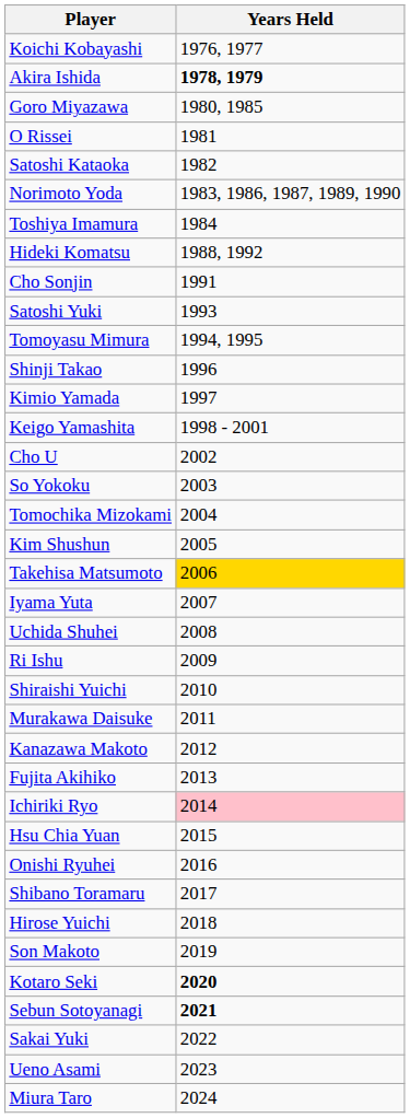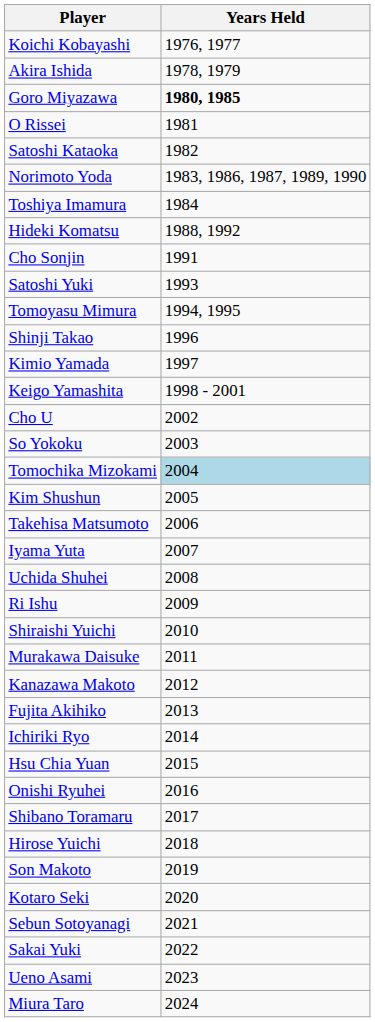 <table class="wikitable">
 <tr>
 <th>Player</th>
 <th>Years Held</th>
 </tr>
 <tr>
 <td><a href='#'>Koichi Kobayashi</a></td>
 <td>1976, 1977</td>
 </tr>
 <tr>
 <td><a href='#'>Akira Ishida</a></td>
-<td><strong>1978, 1979</strong></td>
+<td>1978, 1979</td>
 </tr>
 <tr>
 <td><a href='#'>Goro Miyazawa</a></td>
-<td>1980, 1985</td>
+<td><strong>1980, 1985</strong></td>
 </tr>
 <tr>
 <td><a href='#'>O Rissei</a></td>
 <td>1981</td>
 </tr>
 <tr>
 <td><a href='#'>Satoshi Kataoka</a></td>
 <td>1982</td>
 </tr>
 <tr>
 <td><a href='#'>Norimoto Yoda</a></td>
 <td>1983, 1986, 1987, 1989, 1990</td>
 </tr>
 <tr>
 <td><a href='#'>Toshiya Imamura</a></td>
 <td>1984</td>
 </tr>
 <tr>
 <td><a href='#'>Hideki Komatsu</a></td>
 <td>1988, 1992</td>
 </tr>
 <tr>
 <td><a href='#'>Cho Sonjin</a></td>
 <td>1991</td>
 </tr>
 <tr>
 <td><a href='#'>Satoshi Yuki</a></td>
 <td>1993</td>
 </tr>
 <tr>
 <td><a href='#'>Tomoyasu Mimura</a></td>
 <td>1994, 1995</td>
 </tr>
 <tr>
 <td><a href='#'>Shinji Takao</a></td>
 <td>1996</td>
 </tr>
 <tr>
 <td><a href='#'>Kimio Yamada</a></td>
 <td>1997</td>
 </tr>
 <tr>
 <td><a href='#'>Keigo Yamashita</a></td>
 <td>1998 - 2001</td>
 </tr>
 <tr>
 <td><a href='#'>Cho U</a></td>
 <td>2002</td>
 </tr>
 <tr>
 <td><a href='#'>So Yokoku</a></td>
 <td>2003</td>
 </tr>
 <tr>
 <td><a href='#'>Tomochika Mizokami</a></td>
-<td>2004</td>
+<td style="background: lightblue;">2004</td>
 </tr>
 <tr>
 <td><a href='#'>Kim Shushun</a></td>
 <td>2005</td>
 </tr>
 <tr>
 <td><a href='#'>Takehisa Matsumoto</a></td>
-<td style="background: gold;">2006</td>
+<td>2006</td>
 </tr>
 <tr>
 <td><a href='#'>Iyama Yuta</a></td>
 <td>2007</td>
 </tr>
 <tr>
 <td><a href='#'>Uchida Shuhei</a></td>
 <td>2008</td>
 </tr>
 <tr>
 <td><a href='#'>Ri Ishu</a></td>
 <td>2009</td>
 </tr>
 <tr>
 <td><a href='#'>Shiraishi Yuichi</a></td>
 <td>2010</td>
 </tr>
 <tr>
 <td><a href='#'>Murakawa Daisuke</a></td>
 <td>2011</td>
 </tr>
 <tr>
 <td><a href='#'>Kanazawa Makoto</a></td>
 <td>2012</td>
 </tr>
 <tr>
 <td><a href='#'>Fujita Akihiko</a></td>
 <td>2013</td>
 </tr>
 <tr>
 <td><a href='#'>Ichiriki Ryo</a></td>
-<td style="background: pink;">2014</td>
+<td>2014</td>
 </tr>
 <tr>
 <td><a href='#'>Hsu Chia Yuan</a></td>
 <td>2015</td>
 </tr>
 <tr>
 <td><a href='#'>Onishi Ryuhei</a></td>
 <td>2016</td>
 </tr>
 <tr>
 <td><a href='#'>Shibano Toramaru</a></td>
 <td>2017</td>
 </tr>
 <tr>
 <td><a href='#'>Hirose Yuichi</a></td>
 <td>2018</td>
 </tr>
 <tr>
 <td><a href='#'>Son Makoto</a></td>
 <td>2019</td>
 </tr>
 <tr>
 <td><a href='#'>Kotaro Seki</a></td>
-<td><strong>2020</strong></td>
+<td>2020</td>
 </tr>
 <tr>
 <td><a href='#'>Sebun Sotoyanagi</a></td>
-<td><strong>2021</strong></td>
+<td>2021</td>
 </tr>
 <tr>
 <td><a href='#'>Sakai Yuki</a></td>
 <td>2022</td>
 </tr>
 <tr>
 <td><a href='#'>Ueno Asami</a></td>
 <td>2023</td>
 </tr>
 <tr>
 <td><a href='#'>Miura Taro</a></td>
 <td>2024</td>
 </tr>
 </table>
